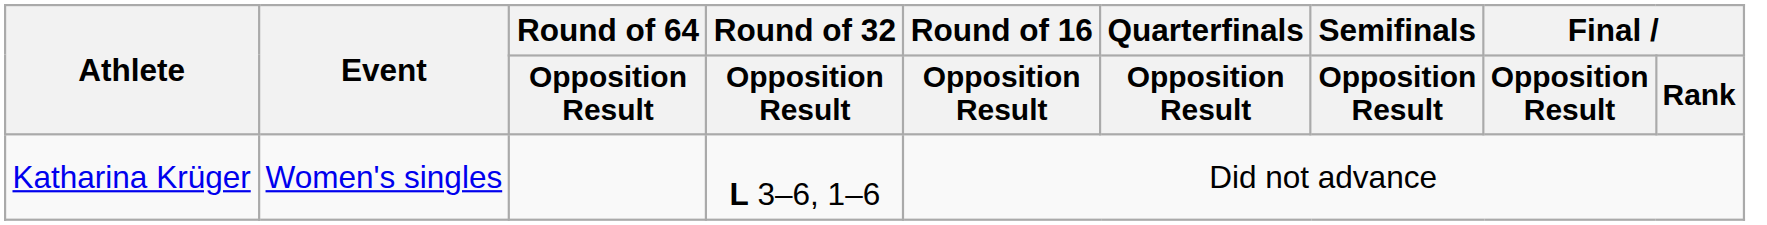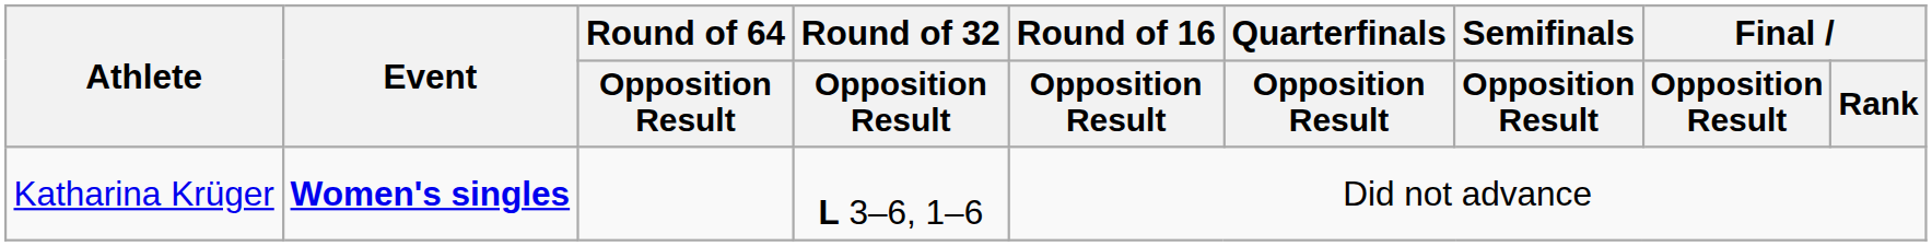 <table class="wikitable" style="font-size:90%;">
 <tr>
 <th rowspan=2>Athlete</th>
 <th rowspan=2>Event</th>
 <th>Round of 64</th>
 <th>Round of 32</th>
 <th>Round of 16</th>
 <th>Quarterfinals</th>
 <th>Semifinals</th>
 <th colspan=2>Final / </th>
 </tr>
 <tr style="font-size:95%">
 <th>Opposition<br>Result</th>
 <th>Opposition<br>Result</th>
 <th>Opposition<br>Result</th>
 <th>Opposition<br>Result</th>
 <th>Opposition<br>Result</th>
 <th>Opposition<br>Result</th>
 <th>Rank</th>
 </tr>
 <tr align=center>
 <td align=left><a href='#'>Katharina Krüger</a></td>
-<td align=left><a href='#'>Women's singles</a></td>
+<td align=left><strong><a href='#'>Women's singles</a></strong></td>
 <td></td>
 <td><br><strong>L</strong> 3–6, 1–6</td>
 <td colspan=5>Did not advance</td>
 </tr>
 </table>
